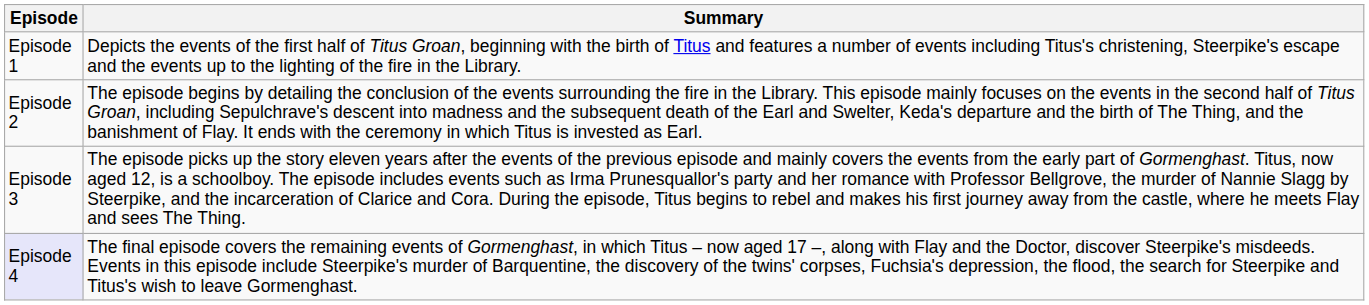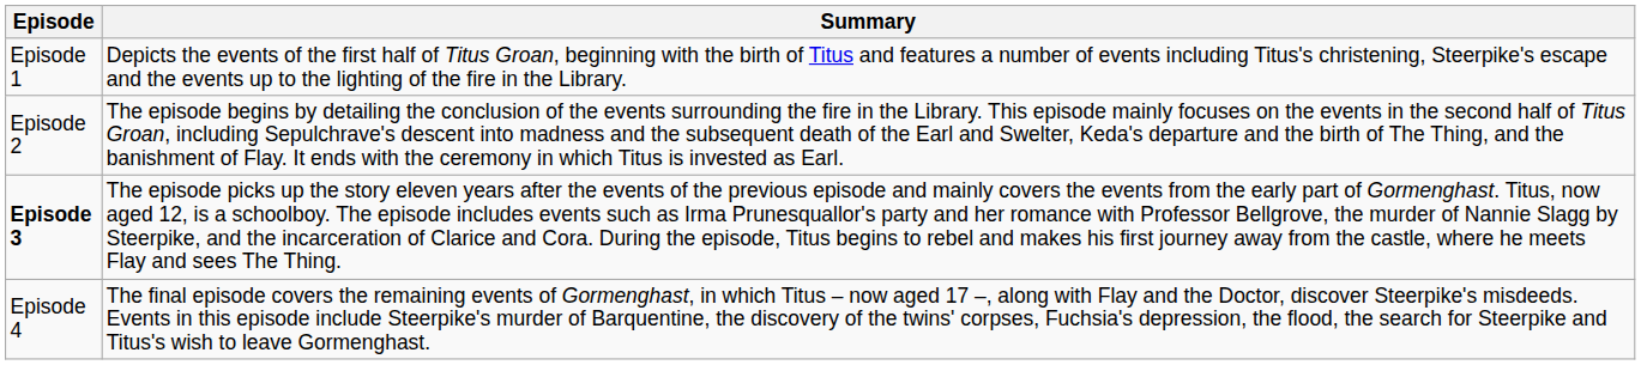 <table class="wikitable">
 <tr>
 <th>Episode</th>
 <th>Summary</th>
 </tr>
 <tr>
 <td>Episode 1</td>
 <td>Depicts the events of the first half of <em>Titus Groan</em>, beginning with the birth of <a href='#'>Titus</a> and features a number of events including Titus's christening, Steerpike's escape and the events up to the lighting of the fire in the Library.</td>
 </tr>
 <tr>
 <td>Episode 2</td>
 <td>The episode begins by detailing the conclusion of the events surrounding the fire in the Library. This episode mainly focuses on the events in the second half of <em>Titus Groan</em>, including Sepulchrave's descent into madness and the subsequent death of the Earl and Swelter, Keda's departure and the birth of The Thing, and the banishment of Flay. It ends with the ceremony in which Titus is invested as Earl.</td>
 </tr>
 <tr>
-<td>Episode 3</td>
+<td><strong>Episode 3</strong></td>
 <td>The episode picks up the story eleven years after the events of the previous episode and mainly covers the events from the early part of <em>Gormenghast</em>. Titus, now aged 12, is a schoolboy. The episode includes events such as Irma Prunesquallor's party and her romance with Professor Bellgrove, the murder of Nannie Slagg by Steerpike, and the incarceration of Clarice and Cora. During the episode, Titus begins to rebel and makes his first journey away from the castle, where he meets Flay and sees The Thing.</td>
 </tr>
 <tr>
-<td style="background: lavender;">Episode 4</td>
+<td>Episode 4</td>
 <td>The final episode covers the remaining events of <em>Gormenghast</em>, in which Titus – now aged 17 –, along with Flay and the Doctor, discover Steerpike's misdeeds. Events in this episode include Steerpike's murder of Barquentine, the discovery of the twins' corpses, Fuchsia's depression, the flood, the search for Steerpike and Titus's wish to leave Gormenghast.</td>
 </tr>
 </table>
